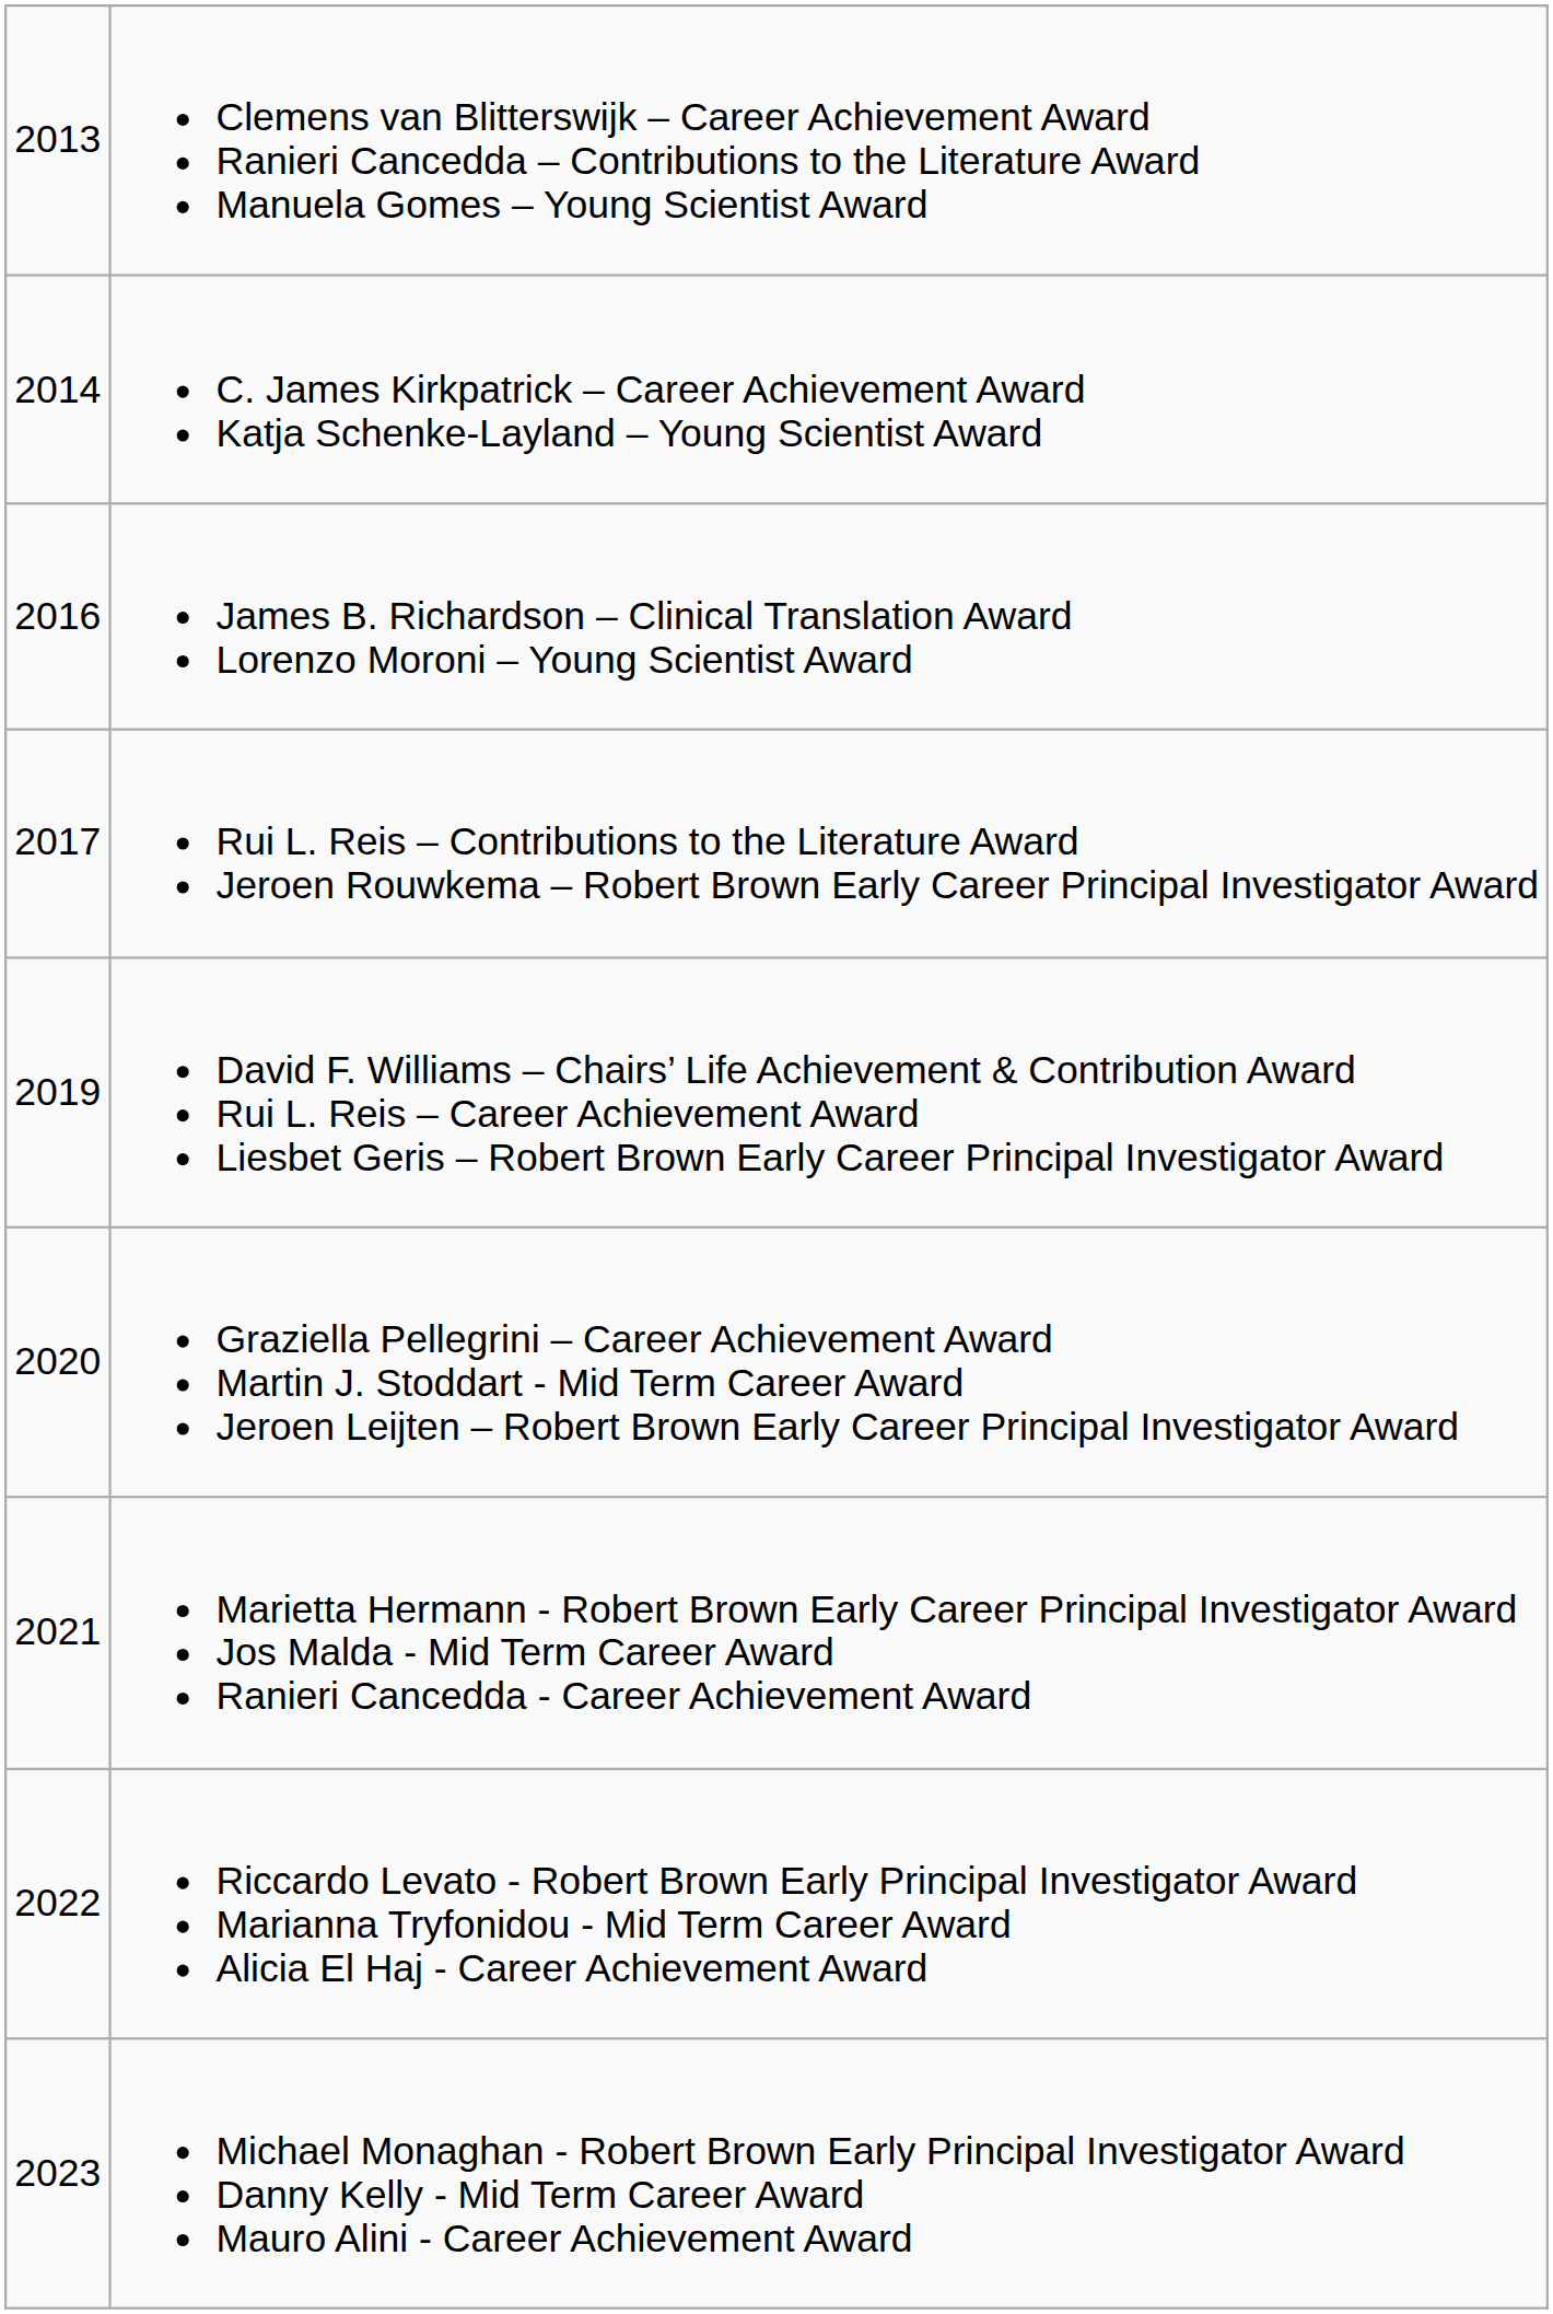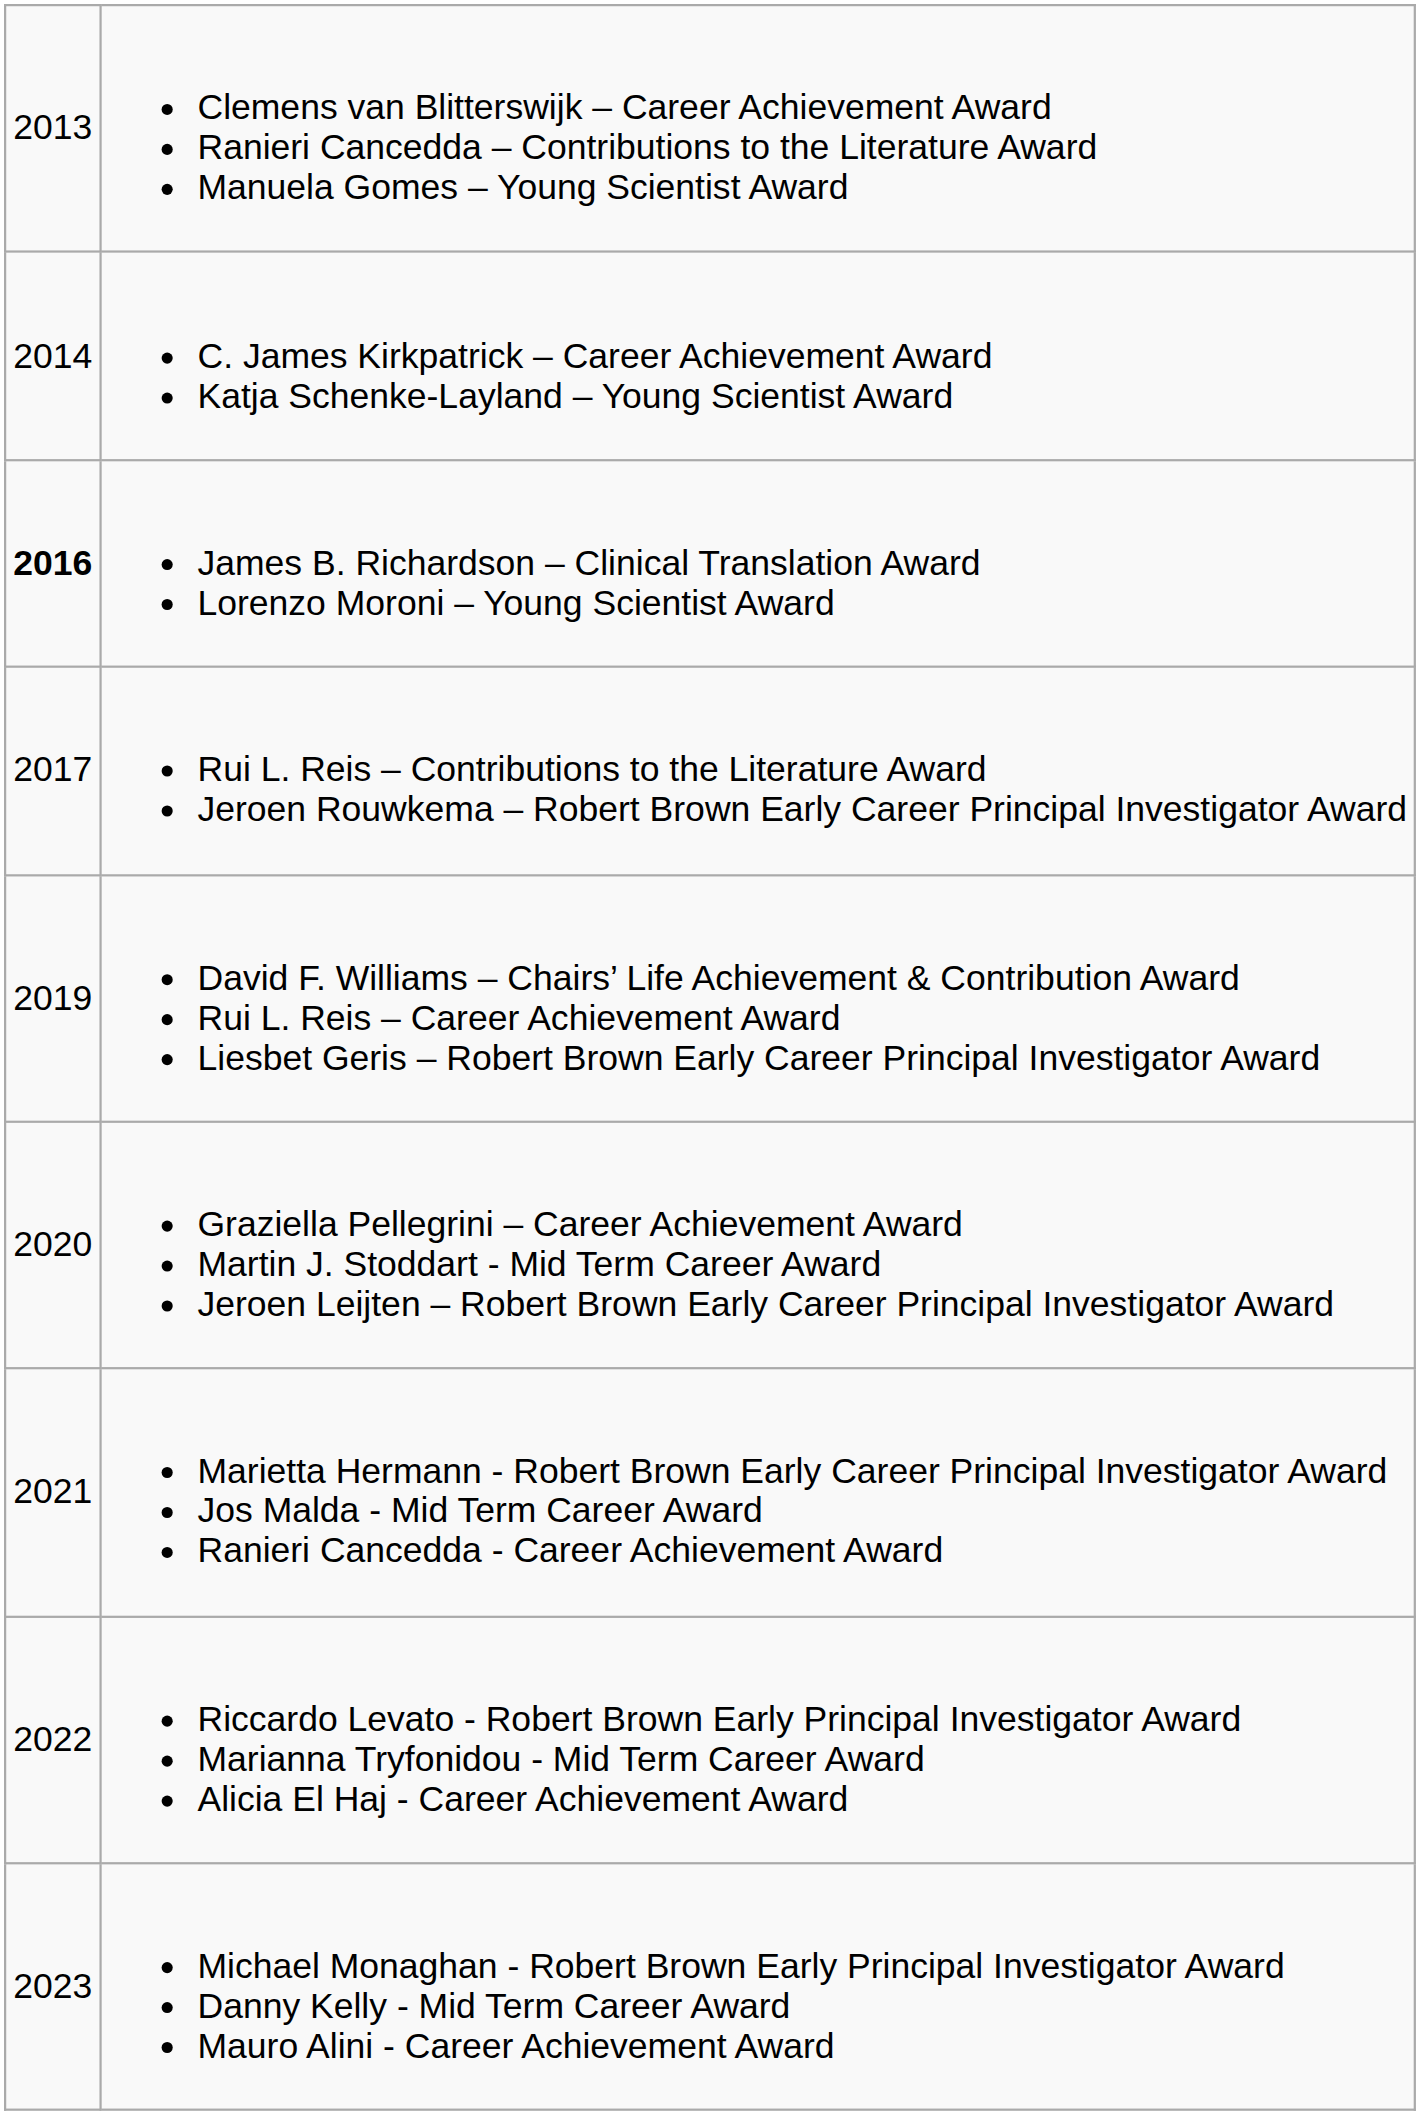 <table class="wikitable">
 <tr>
 <td>2013</td>
 <td><br><ul><li>Clemens van Blitterswijk – Career Achievement Award</li><li>Ranieri Cancedda – Contributions to the Literature Award</li><li>Manuela Gomes – Young Scientist Award</li></ul></td>
 </tr>
 <tr>
 <td>2014</td>
 <td><br><ul><li>C. James Kirkpatrick – Career Achievement Award</li><li>Katja Schenke-Layland – Young Scientist Award</li></ul></td>
 </tr>
 <tr>
-<td>2016</td>
+<td><strong>2016</strong></td>
 <td><br><ul><li>James B. Richardson – Clinical Translation Award</li><li>Lorenzo Moroni – Young Scientist Award</li></ul></td>
 </tr>
 <tr>
 <td>2017</td>
 <td><br><ul><li>Rui L. Reis – Contributions to the Literature Award</li><li>Jeroen Rouwkema – Robert Brown Early Career Principal Investigator Award</li></ul></td>
 </tr>
 <tr>
 <td>2019</td>
 <td><br><ul><li>David F. Williams – Chairs’ Life Achievement & Contribution Award</li><li>Rui L. Reis – Career Achievement Award</li><li>Liesbet Geris – Robert Brown Early Career Principal Investigator Award</li></ul></td>
 </tr>
 <tr>
 <td>2020</td>
 <td><br><ul><li>Graziella Pellegrini – Career Achievement Award</li><li>Martin J. Stoddart - Mid Term Career Award</li><li>Jeroen Leijten – Robert Brown Early Career Principal Investigator Award</li></ul></td>
 </tr>
 <tr>
 <td>2021</td>
 <td><br><ul><li>Marietta Hermann - Robert Brown Early Career Principal Investigator Award</li><li>Jos Malda - Mid Term Career Award</li><li>Ranieri Cancedda - Career Achievement Award</li></ul></td>
 </tr>
 <tr>
 <td>2022</td>
 <td><br><ul><li>Riccardo Levato - Robert Brown Early Principal Investigator Award</li><li>Marianna Tryfonidou - Mid Term Career Award</li><li>Alicia El Haj - Career Achievement Award</li></ul></td>
 </tr>
 <tr>
 <td>2023</td>
 <td><br><ul><li>Michael Monaghan - Robert Brown Early Principal Investigator Award</li><li>Danny Kelly - Mid Term Career Award</li><li>Mauro Alini - Career Achievement Award</li></ul></td>
 </tr>
 </table>
